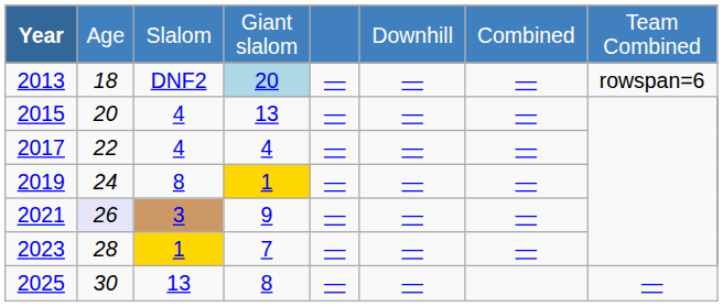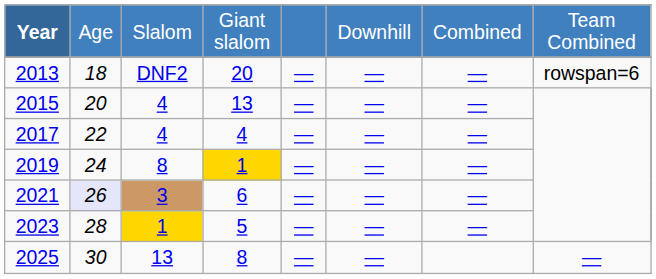 <table class="wikitable" style="font-size:95%; text-align:center; border:grey solid 1px; border-collapse:collapse;" width="40%">
 <tr style="background-color:#369; color:white;">
 <td rowspan="2" colspan="1" width="5%"><strong>Year</strong></td>
 </tr>
 <tr style="background-color:#4180be; color:white;">
 <td width="3%">Age</td>
 <td width="5%">Slalom</td>
 <td width="5%">Giant<br>slalom</td>
 <td width="5%"></td>
 <td width="5%">Downhill</td>
 <td width="5%">Combined</td>
 <td width="5%">Team<br>Combined</td>
 </tr>
 <tr style="background-color:#8CB2D8; color:white;">
 </tr>
 <tr>
 <td><a href='#'>2013</a></td>
 <td><em>18</em></td>
 <td><a href='#'>DNF2</a></td>
-<td style="background: lightblue;"><a href='#'>20</a></td>
+<td><a href='#'>20</a></td>
 <td><a href='#'>—</a></td>
 <td><a href='#'>—</a></td>
 <td><a href='#'>—</a></td>
 <td>rowspan=6</td>
 </tr>
 <tr>
 <td><a href='#'>2015</a></td>
 <td><em>20</em></td>
 <td><a href='#'>4</a></td>
 <td><a href='#'>13</a></td>
 <td><a href='#'>—</a></td>
 <td><a href='#'>—</a></td>
 <td><a href='#'>—</a></td>
 </tr>
 <tr>
 <td><a href='#'>2017</a></td>
 <td><em>22</em></td>
 <td><a href='#'>4</a></td>
 <td><a href='#'>4</a></td>
 <td><a href='#'>—</a></td>
 <td><a href='#'>—</a></td>
 <td><a href='#'>—</a></td>
 </tr>
 <tr>
 <td><a href='#'>2019</a></td>
 <td><em>24</em></td>
 <td><a href='#'>8</a></td>
 <td style="background:gold;"><a href='#'>1</a></td>
 <td><a href='#'>—</a></td>
 <td><a href='#'>—</a></td>
 <td><a href='#'>—</a></td>
 </tr>
 <tr>
 <td><a href='#'>2021</a></td>
 <td style="background: lavender;"><em>26</em></td>
 <td style="background:#cc9966;"><a href='#'>3</a></td>
-<td><a href='#'>9</a></td>
+<td><a href='#'>6</a></td>
 <td><a href='#'>—</a></td>
 <td><a href='#'>—</a></td>
 <td><a href='#'>—</a></td>
 </tr>
 <tr>
 <td><a href='#'>2023</a></td>
 <td><em>28</em></td>
 <td style="background:gold;"><a href='#'>1</a></td>
-<td><a href='#'>7</a></td>
+<td><a href='#'>5</a></td>
 <td><a href='#'>—</a></td>
 <td><a href='#'>—</a></td>
 <td><a href='#'>—</a></td>
 </tr>
 <tr>
 <td><a href='#'>2025</a></td>
 <td><em>30</em></td>
 <td><a href='#'>13</a></td>
 <td><a href='#'>8</a></td>
 <td><a href='#'>—</a></td>
 <td><a href='#'>—</a></td>
 <td></td>
 <td><a href='#'>—</a></td>
 </tr>
 </table>
